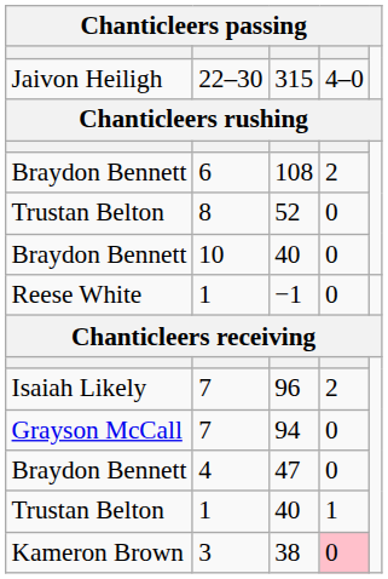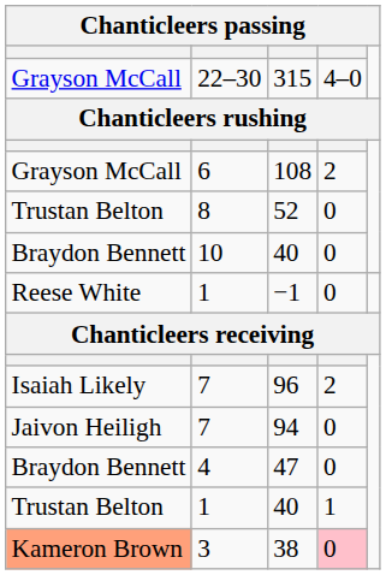 <table class="wikitable plainrowheaders">
 <tr>
 <th colspan="6">Chanticleers passing</th>
 </tr>
 <tr>
 <th scope="col"></th>
 <th scope="col"></th>
 <th scope="col"></th>
 <th scope="col"></th>
 </tr>
 <tr>
-<td>Jaivon Heiligh</td>
+<td><a href='#'>Grayson McCall</a></td>
 <td>22–30</td>
 <td>315</td>
 <td>4–0</td>
 </tr>
 <tr>
 <th colspan="6">Chanticleers rushing</th>
 </tr>
 <tr>
 <th scope="col"></th>
 <th scope="col"></th>
 <th scope="col"></th>
 <th scope="col"></th>
 </tr>
 <tr>
-<td>Braydon Bennett</td>
+<td>Grayson McCall</td>
 <td>6</td>
 <td>108</td>
 <td>2</td>
 </tr>
 <tr>
 <td>Trustan Belton</td>
 <td>8</td>
 <td>52</td>
 <td>0</td>
 </tr>
 <tr>
 <td>Braydon Bennett</td>
 <td>10</td>
 <td>40</td>
 <td>0</td>
 </tr>
 <tr>
 <td>Reese White</td>
 <td>1</td>
 <td>−1</td>
 <td>0</td>
 <td></td>
 </tr>
 <tr>
 <th colspan="6">Chanticleers receiving</th>
 </tr>
 <tr>
 <th scope="col"></th>
 <th scope="col"></th>
 <th scope="col"></th>
 <th scope="col"></th>
 </tr>
 <tr>
 <td>Isaiah Likely</td>
 <td>7</td>
 <td>96</td>
 <td>2</td>
 </tr>
 <tr>
-<td><a href='#'>Grayson McCall</a></td>
+<td>Jaivon Heiligh</td>
 <td>7</td>
 <td>94</td>
 <td>0</td>
 </tr>
 <tr>
 <td>Braydon Bennett</td>
 <td>4</td>
 <td>47</td>
 <td>0</td>
 </tr>
 <tr>
 <td>Trustan Belton</td>
 <td>1</td>
 <td>40</td>
 <td>1</td>
 </tr>
 <tr>
-<td>Kameron Brown</td>
+<td style="background: lightsalmon;">Kameron Brown</td>
 <td>3</td>
 <td>38</td>
 <td style="background: pink;">0</td>
 </tr>
 </table>
